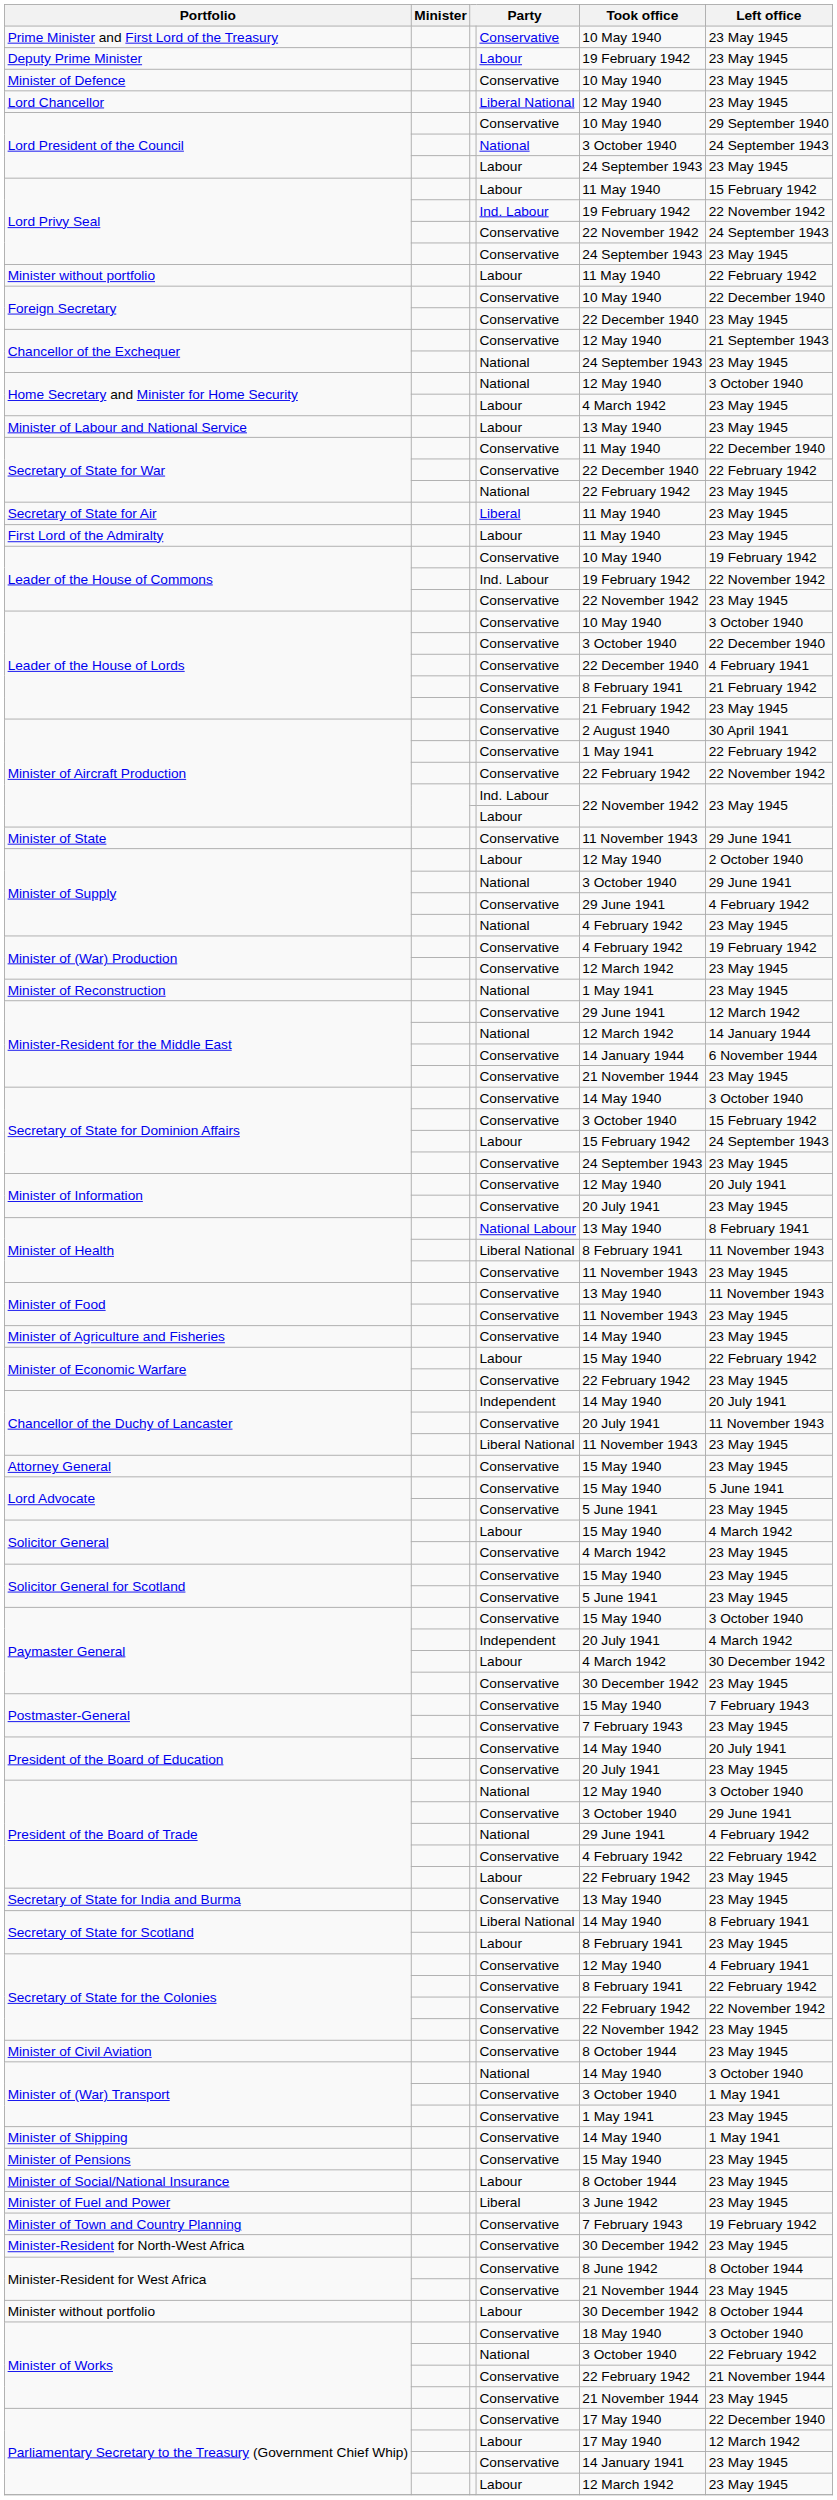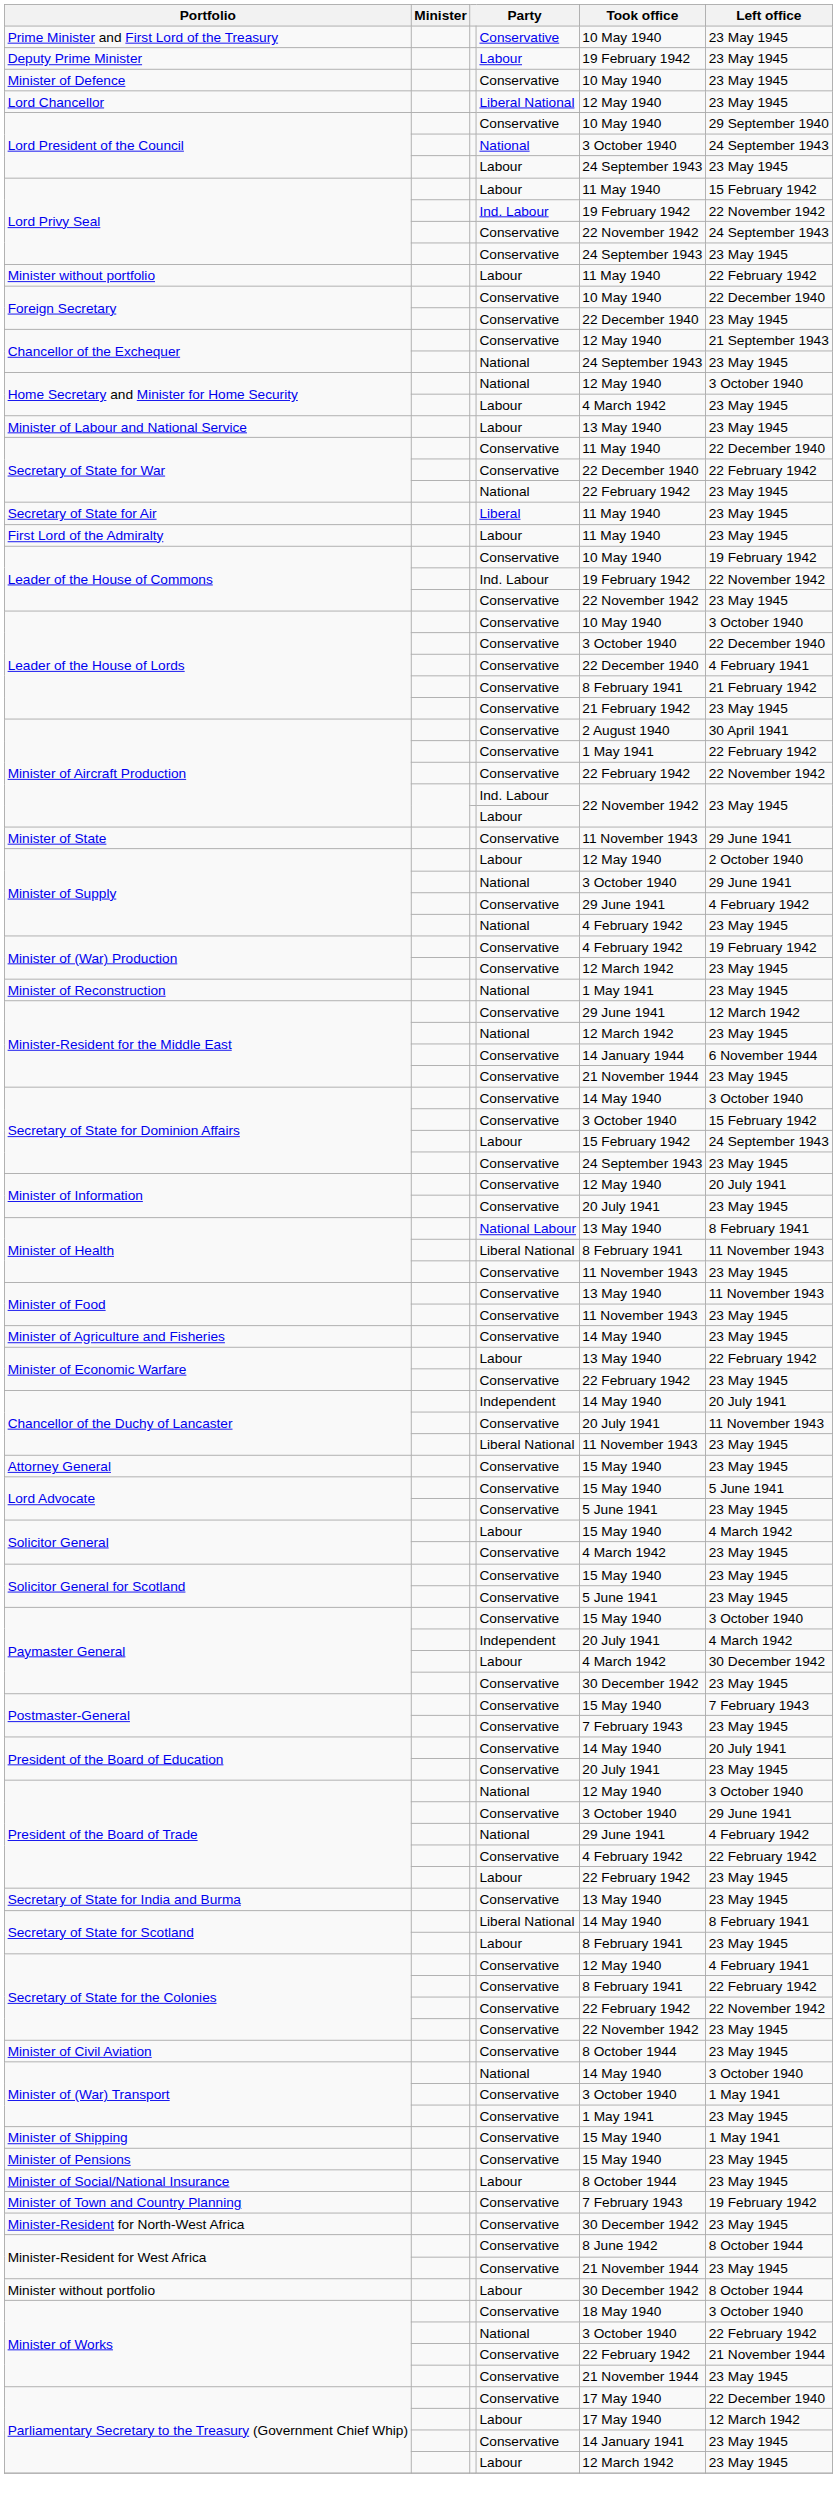 <table class="wikitable sortable" style="font-size:95%;">
 <tr>
 <th>Portfolio</th>
 <th>Minister</th>
 <th colspan=2>Party</th>
 <th>Took office</th>
 <th>Left office</th>
 </tr>
 <tr>
 <td><a href='#'>Prime Minister</a> and <a href='#'>First Lord of the Treasury</a></td>
 <td></td>
 <td style="background: "></td>
 <td><a href='#'>Conservative</a></td>
 <td>10 May 1940</td>
 <td>23 May 1945</td>
 </tr>
 <tr>
 <td><a href='#'>Deputy Prime Minister</a></td>
 <td></td>
 <td style="background: "></td>
 <td><a href='#'>Labour</a></td>
 <td>19 February 1942</td>
 <td>23 May 1945</td>
 </tr>
 <tr>
 <td><a href='#'>Minister of Defence</a></td>
 <td></td>
 <td style="background: "></td>
 <td>Conservative</td>
 <td>10 May 1940</td>
 <td>23 May 1945</td>
 </tr>
 <tr>
 <td><a href='#'>Lord Chancellor</a></td>
 <td></td>
 <td style="background: "></td>
 <td><a href='#'>Liberal National</a></td>
 <td>12 May 1940</td>
 <td>23 May 1945</td>
 </tr>
 <tr>
 <td rowspan=3><a href='#'>Lord President of the Council</a></td>
 <td></td>
 <td style="background: "></td>
 <td>Conservative</td>
 <td>10 May 1940</td>
 <td>29 September 1940</td>
 </tr>
 <tr>
 <td></td>
 <td style="background: "></td>
 <td><a href='#'>National</a></td>
 <td>3 October 1940</td>
 <td>24 September 1943</td>
 </tr>
 <tr>
 <td></td>
 <td style="background: "></td>
 <td>Labour</td>
 <td>24 September 1943</td>
 <td>23 May 1945</td>
 </tr>
 <tr>
 <td rowspan=4><a href='#'>Lord Privy Seal</a></td>
 <td></td>
 <td style="background: "></td>
 <td>Labour</td>
 <td>11 May 1940</td>
 <td>15 February 1942</td>
 </tr>
 <tr>
 <td></td>
 <td style="background: "></td>
 <td><a href='#'>Ind. Labour</a></td>
 <td>19 February 1942</td>
 <td>22 November 1942</td>
 </tr>
 <tr>
 <td></td>
 <td style="background: "></td>
 <td>Conservative</td>
 <td>22 November 1942</td>
 <td>24 September 1943</td>
 </tr>
 <tr>
 <td></td>
 <td style="background: "></td>
 <td>Conservative</td>
 <td>24 September 1943</td>
 <td>23 May 1945</td>
 </tr>
 <tr>
 <td><a href='#'>Minister without portfolio</a></td>
 <td></td>
 <td style="background: "></td>
 <td>Labour</td>
 <td>11 May 1940</td>
 <td>22 February 1942</td>
 </tr>
 <tr>
 <td rowspan=2><a href='#'>Foreign Secretary</a></td>
 <td></td>
 <td style="background: "></td>
 <td>Conservative</td>
 <td>10 May 1940</td>
 <td>22 December 1940</td>
 </tr>
 <tr>
 <td></td>
 <td style="background: "></td>
 <td>Conservative</td>
 <td>22 December 1940</td>
 <td>23 May 1945</td>
 </tr>
 <tr>
 <td rowspan=2><a href='#'>Chancellor of the Exchequer</a></td>
 <td></td>
 <td style="background: "></td>
 <td>Conservative</td>
 <td>12 May 1940</td>
 <td>21 September 1943</td>
 </tr>
 <tr>
 <td></td>
 <td style="background: "></td>
 <td>National</td>
 <td>24 September 1943</td>
 <td>23 May 1945</td>
 </tr>
 <tr>
 <td rowspan=2><a href='#'>Home Secretary</a> and <a href='#'>Minister for Home Security</a></td>
 <td></td>
 <td style="background: "></td>
 <td>National</td>
 <td>12 May 1940</td>
 <td>3 October 1940</td>
 </tr>
 <tr>
 <td></td>
 <td style="background: "></td>
 <td>Labour</td>
 <td>4 March 1942</td>
 <td>23 May 1945</td>
 </tr>
 <tr>
 <td><a href='#'>Minister of Labour and National Service</a></td>
 <td></td>
 <td style="background: "></td>
 <td>Labour</td>
 <td>13 May 1940</td>
 <td>23 May 1945</td>
 </tr>
 <tr>
 <td rowspan=3><a href='#'>Secretary of State for War</a></td>
 <td></td>
 <td style="background: "></td>
 <td>Conservative</td>
 <td>11 May 1940</td>
 <td>22 December 1940</td>
 </tr>
 <tr>
 <td></td>
 <td style="background: "></td>
 <td>Conservative</td>
 <td>22 December 1940</td>
 <td>22 February 1942</td>
 </tr>
 <tr>
 <td></td>
 <td style="background: "></td>
 <td>National</td>
 <td>22 February 1942</td>
 <td>23 May 1945</td>
 </tr>
 <tr>
 <td><a href='#'>Secretary of State for Air</a></td>
 <td></td>
 <td style="background: "></td>
 <td><a href='#'>Liberal</a></td>
 <td>11 May 1940</td>
 <td>23 May 1945</td>
 </tr>
 <tr>
 <td><a href='#'>First Lord of the Admiralty</a></td>
 <td></td>
 <td style="background: "></td>
 <td>Labour</td>
 <td>11 May 1940</td>
 <td>23 May 1945</td>
 </tr>
 <tr>
 <td rowspan=3><a href='#'>Leader of the House of Commons</a></td>
 <td></td>
 <td style="background: "></td>
 <td>Conservative</td>
 <td>10 May 1940</td>
 <td>19 February 1942</td>
 </tr>
 <tr>
 <td></td>
 <td style="background: "></td>
 <td>Ind. Labour</td>
 <td>19 February 1942</td>
 <td>22 November 1942</td>
 </tr>
 <tr>
 <td></td>
 <td style="background: "></td>
 <td>Conservative</td>
 <td>22 November 1942</td>
 <td>23 May 1945</td>
 </tr>
 <tr>
 <td rowspan=5><a href='#'>Leader of the House of Lords</a></td>
 <td></td>
 <td style="background: "></td>
 <td>Conservative</td>
 <td>10 May 1940</td>
 <td>3 October 1940</td>
 </tr>
 <tr>
 <td></td>
 <td style="background: "></td>
 <td>Conservative</td>
 <td>3 October 1940</td>
 <td>22 December 1940</td>
 </tr>
 <tr>
 <td></td>
 <td style="background: "></td>
 <td>Conservative</td>
 <td>22 December 1940</td>
 <td>4 February 1941</td>
 </tr>
 <tr>
 <td></td>
 <td style="background: "></td>
 <td>Conservative</td>
 <td>8 February 1941</td>
 <td>21 February 1942</td>
 </tr>
 <tr>
 <td></td>
 <td style="background: "></td>
 <td>Conservative</td>
 <td>21 February 1942</td>
 <td>23 May 1945</td>
 </tr>
 <tr>
 <td rowspan=5><a href='#'>Minister of Aircraft Production</a></td>
 <td></td>
 <td style="background: "></td>
 <td>Conservative</td>
 <td>2 August 1940</td>
 <td>30 April 1941</td>
 </tr>
 <tr>
 <td></td>
 <td style="background: "></td>
 <td>Conservative</td>
 <td>1 May 1941</td>
 <td>22 February 1942</td>
 </tr>
 <tr>
 <td></td>
 <td style="background: "></td>
 <td>Conservative</td>
 <td>22 February 1942</td>
 <td>22 November 1942</td>
 </tr>
 <tr>
 <td rowspan=2></td>
 <td style="background: "></td>
 <td>Ind. Labour </td>
 <td rowspan=2>22 November 1942</td>
 <td rowspan=2>23 May 1945</td>
 </tr>
 <tr>
 <td style="background: "></td>
 <td>Labour </td>
 </tr>
 <tr>
 <td><a href='#'>Minister of State</a></td>
 <td></td>
 <td style="background: "></td>
 <td>Conservative</td>
 <td>11 November 1943</td>
 <td>29 June 1941</td>
 </tr>
 <tr>
 <td rowspan=4><a href='#'>Minister of Supply</a></td>
 <td></td>
 <td style="background: "></td>
 <td>Labour</td>
 <td>12 May 1940</td>
 <td>2 October 1940</td>
 </tr>
 <tr>
 <td></td>
 <td style="background: "></td>
 <td>National</td>
 <td>3 October 1940</td>
 <td>29 June 1941</td>
 </tr>
 <tr>
 <td></td>
 <td style="background: "></td>
 <td>Conservative</td>
 <td>29 June 1941</td>
 <td>4 February 1942</td>
 </tr>
 <tr>
 <td></td>
 <td style="background: "></td>
 <td>National</td>
 <td>4 February 1942</td>
 <td>23 May 1945</td>
 </tr>
 <tr>
 <td rowspan=2><a href='#'>Minister of (War) Production</a></td>
 <td></td>
 <td style="background: "></td>
 <td>Conservative</td>
 <td>4 February 1942</td>
 <td>19 February 1942</td>
 </tr>
 <tr>
 <td></td>
 <td style="background: "></td>
 <td>Conservative</td>
 <td>12 March 1942</td>
 <td>23 May 1945</td>
 </tr>
 <tr>
 <td><a href='#'>Minister of Reconstruction</a></td>
 <td></td>
 <td style="background: "></td>
 <td>National</td>
 <td>1 May 1941</td>
 <td>23 May 1945</td>
 </tr>
 <tr>
 <td rowspan=4><a href='#'>Minister-Resident for the Middle East</a></td>
 <td></td>
 <td style="background: "></td>
 <td>Conservative</td>
 <td>29 June 1941</td>
 <td>12 March 1942</td>
 </tr>
 <tr>
 <td></td>
 <td style="background: "></td>
 <td>National</td>
 <td>12 March 1942</td>
-<td>14 January 1944</td>
+<td>23 May 1945</td>
 </tr>
 <tr>
 <td></td>
 <td style="background: "></td>
 <td>Conservative</td>
 <td>14 January 1944</td>
 <td>6 November 1944</td>
 </tr>
 <tr>
 <td></td>
 <td style="background: "></td>
 <td>Conservative</td>
 <td>21 November 1944</td>
 <td>23 May 1945</td>
 </tr>
 <tr>
 <td rowspan=4><a href='#'>Secretary of State for Dominion Affairs</a></td>
 <td></td>
 <td style="background: "></td>
 <td>Conservative</td>
 <td>14 May 1940</td>
 <td>3 October 1940</td>
 </tr>
 <tr>
 <td></td>
 <td style="background: "></td>
 <td>Conservative</td>
 <td>3 October 1940</td>
 <td>15 February 1942</td>
 </tr>
 <tr>
 <td></td>
 <td style="background: "></td>
 <td>Labour</td>
 <td>15 February 1942</td>
 <td>24 September 1943</td>
 </tr>
 <tr>
 <td></td>
 <td style="background: "></td>
 <td>Conservative</td>
 <td>24 September 1943</td>
 <td>23 May 1945</td>
 </tr>
 <tr>
 <td rowspan=2><a href='#'>Minister of Information</a></td>
 <td></td>
 <td style="background: "></td>
 <td>Conservative</td>
 <td>12 May 1940</td>
 <td>20 July 1941</td>
 </tr>
 <tr>
 <td></td>
 <td style="background: "></td>
 <td>Conservative</td>
 <td>20 July 1941</td>
 <td>23 May 1945</td>
 </tr>
 <tr>
 <td rowspan=3><a href='#'>Minister of Health</a></td>
 <td></td>
 <td style="background: "></td>
 <td><a href='#'>National Labour</a></td>
 <td>13 May 1940</td>
 <td>8 February 1941</td>
 </tr>
 <tr>
 <td></td>
 <td style="background: "></td>
 <td>Liberal National</td>
 <td>8 February 1941</td>
 <td>11 November 1943</td>
 </tr>
 <tr>
 <td></td>
 <td style="background: "></td>
 <td>Conservative</td>
 <td>11 November 1943</td>
 <td>23 May 1945</td>
 </tr>
 <tr>
 <td rowspan=2><a href='#'>Minister of Food</a></td>
 <td></td>
 <td style="background: "></td>
 <td>Conservative</td>
 <td>13 May 1940</td>
 <td>11 November 1943</td>
 </tr>
 <tr>
 <td></td>
 <td style="background: "></td>
 <td>Conservative</td>
 <td>11 November 1943</td>
 <td>23 May 1945</td>
 </tr>
 <tr>
 <td><a href='#'>Minister of Agriculture and Fisheries</a></td>
 <td></td>
 <td style="background: "></td>
 <td>Conservative</td>
 <td>14 May 1940</td>
 <td>23 May 1945</td>
 </tr>
 <tr>
 <td rowspan=2><a href='#'>Minister of Economic Warfare</a></td>
 <td></td>
 <td style="background: "></td>
 <td>Labour</td>
-<td>15 May 1940</td>
+<td>13 May 1940</td>
 <td>22 February 1942</td>
 </tr>
 <tr>
 <td></td>
 <td style="background: "></td>
 <td>Conservative</td>
 <td>22 February 1942</td>
 <td>23 May 1945</td>
 </tr>
 <tr>
 <td rowspan=3><a href='#'>Chancellor of the Duchy of Lancaster</a></td>
 <td></td>
 <td style="background: "></td>
 <td>Independent</td>
 <td>14 May 1940</td>
 <td>20 July 1941</td>
 </tr>
 <tr>
 <td></td>
 <td style="background: "></td>
 <td>Conservative</td>
 <td>20 July 1941</td>
 <td>11 November 1943</td>
 </tr>
 <tr>
 <td></td>
 <td style="background: "></td>
 <td>Liberal National</td>
 <td>11 November 1943</td>
 <td>23 May 1945</td>
 </tr>
 <tr>
 <td><a href='#'>Attorney General</a></td>
 <td></td>
 <td style="background: "></td>
 <td>Conservative</td>
 <td>15 May 1940</td>
 <td>23 May 1945</td>
 </tr>
 <tr>
 <td rowspan=2><a href='#'>Lord Advocate</a></td>
 <td></td>
 <td style="background: "></td>
 <td>Conservative</td>
 <td>15 May 1940</td>
 <td>5 June 1941</td>
 </tr>
 <tr>
 <td></td>
 <td style="background: "></td>
 <td>Conservative</td>
 <td>5 June 1941</td>
 <td>23 May 1945</td>
 </tr>
 <tr>
 <td rowspan=2><a href='#'>Solicitor General</a></td>
 <td></td>
 <td style="background: "></td>
 <td>Labour</td>
 <td>15 May 1940</td>
 <td>4 March 1942</td>
 </tr>
 <tr>
 <td></td>
 <td style="background: "></td>
 <td>Conservative</td>
 <td>4 March 1942</td>
 <td>23 May 1945</td>
 </tr>
 <tr>
 <td rowspan=2><a href='#'>Solicitor General for Scotland</a></td>
 <td></td>
 <td style="background: "></td>
 <td>Conservative</td>
 <td>15 May 1940</td>
 <td>23 May 1945</td>
 </tr>
 <tr>
 <td></td>
 <td style="background: "></td>
 <td>Conservative</td>
 <td>5 June 1941</td>
 <td>23 May 1945</td>
 </tr>
 <tr>
 <td rowspan=4><a href='#'>Paymaster General</a></td>
 <td></td>
 <td style="background: "></td>
 <td>Conservative</td>
 <td>15 May 1940</td>
 <td>3 October 1940</td>
 </tr>
 <tr>
 <td></td>
 <td style="background: "></td>
 <td>Independent</td>
 <td>20 July 1941</td>
 <td>4 March 1942</td>
 </tr>
 <tr>
 <td></td>
 <td style="background: "></td>
 <td>Labour</td>
 <td>4 March 1942</td>
 <td>30 December 1942</td>
 </tr>
 <tr>
 <td></td>
 <td style="background: "></td>
 <td>Conservative</td>
 <td>30 December 1942</td>
 <td>23 May 1945</td>
 </tr>
 <tr>
 <td rowspan=2><a href='#'>Postmaster-General</a></td>
 <td></td>
 <td style="background: "></td>
 <td>Conservative</td>
 <td>15 May 1940</td>
 <td>7 February 1943</td>
 </tr>
 <tr>
 <td></td>
 <td style="background: "></td>
 <td>Conservative</td>
 <td>7 February 1943</td>
 <td>23 May 1945</td>
 </tr>
 <tr>
 <td rowspan=2><a href='#'>President of the Board of Education</a></td>
 <td></td>
 <td style="background: "></td>
 <td>Conservative</td>
 <td>14 May 1940</td>
 <td>20 July 1941</td>
 </tr>
 <tr>
 <td></td>
 <td style="background: "></td>
 <td>Conservative</td>
 <td>20 July 1941</td>
 <td>23 May 1945</td>
 </tr>
 <tr>
 <td rowspan=5><a href='#'>President of the Board of Trade</a></td>
 <td></td>
 <td style="background: "></td>
 <td>National</td>
 <td>12 May 1940</td>
 <td>3 October 1940</td>
 </tr>
 <tr>
 <td></td>
 <td style="background: "></td>
 <td>Conservative</td>
 <td>3 October 1940</td>
 <td>29 June 1941</td>
 </tr>
 <tr>
 <td></td>
 <td style="background: "></td>
 <td>National</td>
 <td>29 June 1941</td>
 <td>4 February 1942</td>
 </tr>
 <tr>
 <td></td>
 <td style="background: "></td>
 <td>Conservative</td>
 <td>4 February 1942</td>
 <td>22 February 1942</td>
 </tr>
 <tr>
 <td></td>
 <td style="background: "></td>
 <td>Labour</td>
 <td>22 February 1942</td>
 <td>23 May 1945</td>
 </tr>
 <tr>
 <td><a href='#'>Secretary of State for India and Burma</a></td>
 <td></td>
 <td style="background: "></td>
 <td>Conservative</td>
 <td>13 May 1940</td>
 <td>23 May 1945</td>
 </tr>
 <tr>
 <td rowspan=2><a href='#'>Secretary of State for Scotland</a></td>
 <td></td>
 <td style="background: "></td>
 <td>Liberal National</td>
 <td>14 May 1940</td>
 <td>8 February 1941</td>
 </tr>
 <tr>
 <td></td>
 <td style="background: "></td>
 <td>Labour</td>
 <td>8 February 1941</td>
 <td>23 May 1945</td>
 </tr>
 <tr>
 <td rowspan=4><a href='#'>Secretary of State for the Colonies</a></td>
 <td></td>
 <td style="background: "></td>
 <td>Conservative</td>
 <td>12 May 1940</td>
 <td>4 February 1941</td>
 </tr>
 <tr>
 <td></td>
 <td style="background: "></td>
 <td>Conservative</td>
 <td>8 February 1941</td>
 <td>22 February 1942</td>
 </tr>
 <tr>
 <td></td>
 <td style="background: "></td>
 <td>Conservative</td>
 <td>22 February 1942</td>
 <td>22 November 1942</td>
 </tr>
 <tr>
 <td></td>
 <td style="background: "></td>
 <td>Conservative</td>
 <td>22 November 1942</td>
 <td>23 May 1945</td>
 </tr>
 <tr>
 <td><a href='#'>Minister of Civil Aviation</a></td>
 <td></td>
 <td style="background: "></td>
 <td>Conservative</td>
 <td>8 October 1944</td>
 <td>23 May 1945</td>
 </tr>
 <tr>
 <td rowspan=3><a href='#'>Minister of (War) Transport</a></td>
 <td></td>
 <td style="background: "></td>
 <td>National</td>
 <td>14 May 1940</td>
 <td>3 October 1940</td>
 </tr>
 <tr>
 <td></td>
 <td style="background: "></td>
 <td>Conservative</td>
 <td>3 October 1940</td>
 <td>1 May 1941</td>
 </tr>
 <tr>
 <td></td>
 <td style="background: "></td>
 <td>Conservative</td>
 <td>1 May 1941</td>
 <td>23 May 1945</td>
 </tr>
 <tr>
 <td><a href='#'>Minister of Shipping</a></td>
 <td></td>
 <td style="background: "></td>
 <td>Conservative</td>
-<td>14 May 1940</td>
+<td>15 May 1940</td>
 <td>1 May 1941</td>
 </tr>
 <tr>
 <td><a href='#'>Minister of Pensions</a></td>
 <td></td>
 <td style="background: "></td>
 <td>Conservative</td>
 <td>15 May 1940</td>
 <td>23 May 1945</td>
 </tr>
 <tr>
 <td><a href='#'>Minister of Social/National Insurance</a></td>
 <td></td>
 <td style="background: "></td>
 <td>Labour</td>
 <td>8 October 1944</td>
-<td>23 May 1945</td>
-</tr>
-<tr>
-<td><a href='#'>Minister of Fuel and Power</a></td>
-<td></td>
-<td style="background: "></td>
-<td>Liberal</td>
-<td>3 June 1942</td>
 <td>23 May 1945</td>
 </tr>
 <tr>
 <td><a href='#'>Minister of Town and Country Planning</a></td>
 <td></td>
 <td style="background: "></td>
 <td>Conservative</td>
 <td>7 February 1943</td>
 <td>19 February 1942</td>
 </tr>
 <tr>
 <td><a href='#'>Minister-Resident</a> for North-West Africa</td>
 <td></td>
 <td style="background: "></td>
 <td>Conservative</td>
 <td>30 December 1942</td>
 <td>23 May 1945</td>
 </tr>
 <tr>
 <td rowspan=2>Minister-Resident for West Africa</td>
 <td></td>
 <td style="background: "></td>
 <td>Conservative</td>
 <td>8 June 1942</td>
 <td>8 October 1944</td>
 </tr>
 <tr>
 <td></td>
 <td style="background: "></td>
 <td>Conservative</td>
 <td>21 November 1944</td>
 <td>23 May 1945</td>
 </tr>
 <tr>
 <td>Minister without portfolio</td>
 <td></td>
 <td style="background: "></td>
 <td>Labour</td>
 <td>30 December 1942</td>
 <td>8 October 1944</td>
 </tr>
 <tr>
 <td rowspan=4><a href='#'>Minister of Works</a></td>
 <td></td>
 <td style="background: "></td>
 <td>Conservative</td>
 <td>18 May 1940</td>
 <td>3 October 1940</td>
 </tr>
 <tr>
 <td></td>
 <td style="background: "></td>
 <td>National</td>
 <td>3 October 1940</td>
 <td>22 February 1942</td>
 </tr>
 <tr>
 <td></td>
 <td style="background: "></td>
 <td>Conservative</td>
 <td>22 February 1942</td>
 <td>21 November 1944</td>
 </tr>
 <tr>
 <td></td>
 <td style="background: "></td>
 <td>Conservative</td>
 <td>21 November 1944</td>
 <td>23 May 1945</td>
 </tr>
 <tr>
 <td rowspan=4><a href='#'>Parliamentary Secretary to the Treasury</a> (Government Chief Whip)</td>
 <td></td>
 <td style="background: "></td>
 <td>Conservative</td>
 <td>17 May 1940</td>
 <td>22 December 1940</td>
 </tr>
 <tr>
 <td></td>
 <td style="background: "></td>
 <td>Labour</td>
 <td>17 May 1940</td>
 <td>12 March 1942</td>
 </tr>
 <tr>
 <td></td>
 <td style="background: "></td>
 <td>Conservative</td>
 <td>14 January 1941</td>
 <td>23 May 1945</td>
 </tr>
 <tr>
 <td></td>
 <td style="background: "></td>
 <td>Labour</td>
 <td>12 March 1942</td>
 <td>23 May 1945</td>
 </tr>
 <tr>
 </tr>
 </table>
